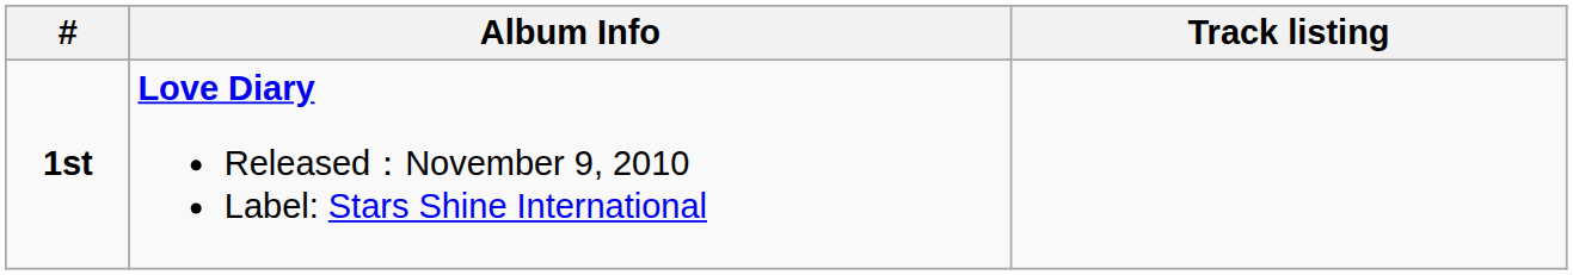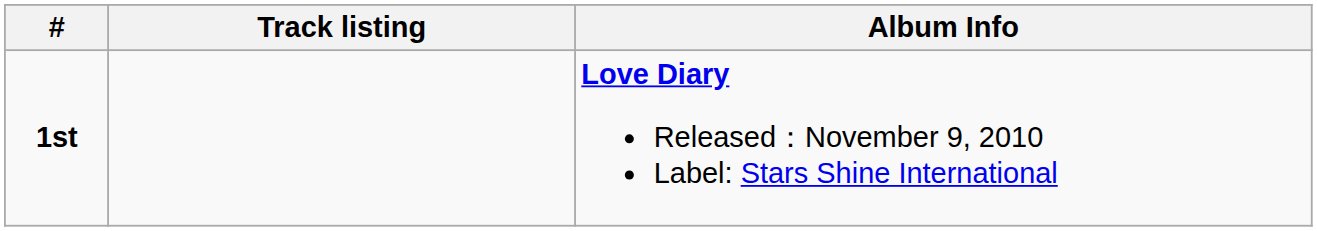 <table class="wikitable">
 <tr>
 <th align="left" width="50px">#</th>
+<th align="left" width="250px">Track listing</th>
 <th align="left" width="400px">Album Info</th>
-<th align="left" width="250px">Track listing</th>
 </tr>
 <tr>
 <td align="center"><strong>1st</strong></td>
+<td align="left" style="font-size: 85%;"><br> </td>
 <td align="left"><strong><a href='#'>Love Diary</a></strong><br><ul><li>Released：November 9, 2010</li><li>Label: <a href='#'>Stars Shine International</a></li></ul></td>
-<td align="left" style="font-size: 85%;"><br> </td>
 </tr>
 </table>
